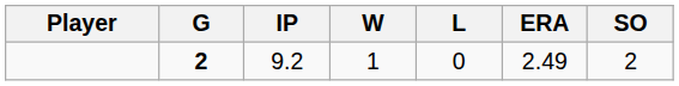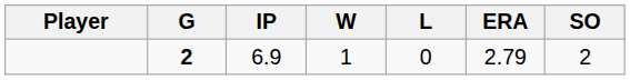 <table class="wikitable sortable">
 <tr>
 <th bgcolor="#DDDDFF" width="16%">Player</th>
 <th bgcolor="#DDDDFF" width="9%">G</th>
 <th bgcolor="#DDDDFF" width="9%">IP</th>
 <th bgcolor="#DDDDFF" width="9%">W</th>
 <th bgcolor="#DDDDFF" width="9%">L</th>
 <th bgcolor="#DDDDFF" width="9%">ERA</th>
 <th bgcolor="#DDDDFF" width="9%">SO</th>
 </tr>
 <tr align="center">
 <td></td>
 <td><strong>2</strong></td>
-<td>9.2</td>
+<td>6.9</td>
 <td>1</td>
 <td>0</td>
-<td>2.49</td>
+<td>2.79</td>
 <td>2</td>
 </tr>
 </table>
